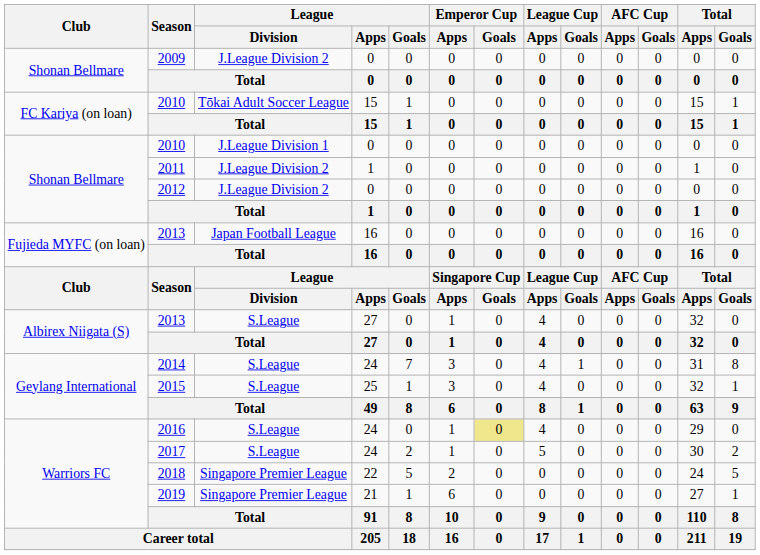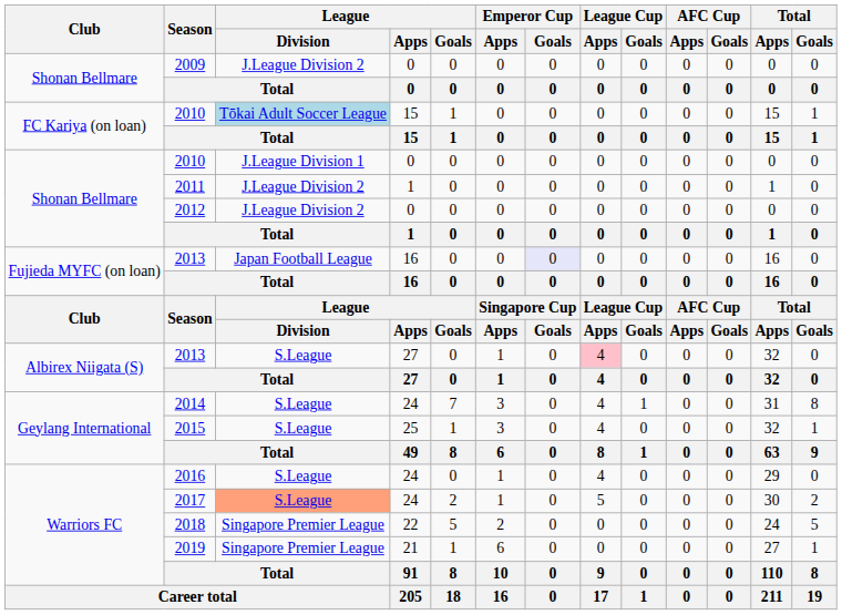 <table class="wikitable" style="text-align: center">
 <tr>
 <th rowspan="2">Club</th>
 <th rowspan="2">Season</th>
 <th colspan="3">League</th>
 <th colspan="2">Emperor Cup</th>
 <th colspan="2">League Cup</th>
 <th colspan="2">AFC Cup</th>
 <th colspan="2">Total</th>
 </tr>
 <tr>
 <th>Division</th>
 <th>Apps</th>
 <th>Goals</th>
 <th>Apps</th>
 <th>Goals</th>
 <th>Apps</th>
 <th>Goals</th>
 <th>Apps</th>
 <th>Goals</th>
 <th>Apps</th>
 <th>Goals</th>
 </tr>
 <tr>
 <td rowspan="2"><a href='#'>Shonan Bellmare</a></td>
 <td><a href='#'>2009</a></td>
 <td><a href='#'>J.League Division 2</a></td>
 <td>0</td>
 <td>0</td>
 <td>0</td>
 <td>0</td>
 <td>0</td>
 <td>0</td>
 <td>0</td>
 <td>0</td>
 <td>0</td>
 <td>0</td>
 </tr>
 <tr>
 <th colspan=2>Total</th>
 <th>0</th>
 <th>0</th>
 <th>0</th>
 <th>0</th>
 <th>0</th>
 <th>0</th>
 <th>0</th>
 <th>0</th>
 <th>0</th>
 <th>0</th>
 </tr>
 <tr>
 <td rowspan="2"><a href='#'>FC Kariya</a> (on loan)</td>
 <td><a href='#'>2010</a></td>
-<td><a href='#'>Tōkai Adult Soccer League</a></td>
+<td style="background: lightblue;"><a href='#'>Tōkai Adult Soccer League</a></td>
 <td>15</td>
 <td>1</td>
 <td>0</td>
 <td>0</td>
 <td>0</td>
 <td>0</td>
 <td>0</td>
 <td>0</td>
 <td>15</td>
 <td>1</td>
 </tr>
 <tr>
 <th colspan=2>Total</th>
 <th>15</th>
 <th>1</th>
 <th>0</th>
 <th>0</th>
 <th>0</th>
 <th>0</th>
 <th>0</th>
 <th>0</th>
 <th>15</th>
 <th>1</th>
 </tr>
 <tr>
 <td rowspan="4"><a href='#'>Shonan Bellmare</a></td>
 <td><a href='#'>2010</a></td>
 <td><a href='#'>J.League Division 1</a></td>
 <td>0</td>
 <td>0</td>
 <td>0</td>
 <td>0</td>
 <td>0</td>
 <td>0</td>
 <td>0</td>
 <td>0</td>
 <td>0</td>
 <td>0</td>
 </tr>
 <tr>
 <td><a href='#'>2011</a></td>
 <td><a href='#'>J.League Division 2</a></td>
 <td>1</td>
 <td>0</td>
 <td>0</td>
 <td>0</td>
 <td>0</td>
 <td>0</td>
 <td>0</td>
 <td>0</td>
 <td>1</td>
 <td>0</td>
 </tr>
 <tr>
 <td><a href='#'>2012</a></td>
 <td><a href='#'>J.League Division 2</a></td>
 <td>0</td>
 <td>0</td>
 <td>0</td>
 <td>0</td>
 <td>0</td>
 <td>0</td>
 <td>0</td>
 <td>0</td>
 <td>0</td>
 <td>0</td>
 </tr>
 <tr>
 <th colspan=2>Total</th>
 <th>1</th>
 <th>0</th>
 <th>0</th>
 <th>0</th>
 <th>0</th>
 <th>0</th>
 <th>0</th>
 <th>0</th>
 <th>1</th>
 <th>0</th>
 </tr>
 <tr>
 <td rowspan="2"><a href='#'>Fujieda MYFC</a> (on loan)</td>
 <td><a href='#'>2013</a></td>
 <td><a href='#'>Japan Football League</a></td>
 <td>16</td>
 <td>0</td>
 <td>0</td>
-<td>0</td>
+<td style="background: lavender;">0</td>
 <td>0</td>
 <td>0</td>
 <td>0</td>
 <td>0</td>
 <td>16</td>
 <td>0</td>
 </tr>
 <tr>
 <th colspan=2>Total</th>
 <th>16</th>
 <th>0</th>
 <th>0</th>
 <th>0</th>
 <th>0</th>
 <th>0</th>
 <th>0</th>
 <th>0</th>
 <th>16</th>
 <th>0</th>
 </tr>
 <tr>
 <th rowspan="2">Club</th>
 <th rowspan="2">Season</th>
 <th colspan="3">League</th>
 <th colspan="2">Singapore Cup</th>
 <th colspan="2">League Cup</th>
 <th colspan="2">AFC Cup</th>
 <th colspan="2">Total</th>
 </tr>
 <tr>
 <th>Division</th>
 <th>Apps</th>
 <th>Goals</th>
 <th>Apps</th>
 <th>Goals</th>
 <th>Apps</th>
 <th>Goals</th>
 <th>Apps</th>
 <th>Goals</th>
 <th>Apps</th>
 <th>Goals</th>
 </tr>
 <tr>
 <td rowspan="2"><a href='#'>Albirex Niigata (S)</a></td>
 <td><a href='#'>2013</a></td>
 <td><a href='#'>S.League</a></td>
 <td>27</td>
 <td>0</td>
 <td>1</td>
 <td>0</td>
-<td>4</td>
+<td style="background: pink;">4</td>
 <td>0</td>
 <td>0</td>
 <td>0</td>
 <td>32</td>
 <td>0</td>
 </tr>
 <tr>
 <th colspan=2>Total</th>
 <th>27</th>
 <th>0</th>
 <th>1</th>
 <th>0</th>
 <th>4</th>
 <th>0</th>
 <th>0</th>
 <th>0</th>
 <th>32</th>
 <th>0</th>
 </tr>
 <tr>
 <td rowspan="3"><a href='#'>Geylang International</a></td>
 <td><a href='#'>2014</a></td>
 <td><a href='#'>S.League</a></td>
 <td>24</td>
 <td>7</td>
 <td>3</td>
 <td>0</td>
 <td>4</td>
 <td>1</td>
 <td>0</td>
 <td>0</td>
 <td>31</td>
 <td>8</td>
 </tr>
 <tr>
 <td><a href='#'>2015</a></td>
 <td><a href='#'>S.League</a></td>
 <td>25</td>
 <td>1</td>
 <td>3</td>
 <td>0</td>
 <td>4</td>
 <td>0</td>
 <td>0</td>
 <td>0</td>
 <td>32</td>
 <td>1</td>
 </tr>
 <tr>
 <th colspan=2>Total</th>
 <th>49</th>
 <th>8</th>
 <th>6</th>
 <th>0</th>
 <th>8</th>
 <th>1</th>
 <th>0</th>
 <th>0</th>
 <th>63</th>
 <th>9</th>
 </tr>
 <tr>
 <td rowspan="5"><a href='#'>Warriors FC</a></td>
 <td><a href='#'>2016</a></td>
 <td><a href='#'>S.League</a></td>
 <td>24</td>
 <td>0</td>
 <td>1</td>
-<td style="background: khaki;">0</td>
+<td>0</td>
 <td>4</td>
 <td>0</td>
 <td>0</td>
 <td>0</td>
 <td>29</td>
 <td>0</td>
 </tr>
 <tr>
 <td><a href='#'>2017</a></td>
-<td><a href='#'>S.League</a></td>
+<td style="background: lightsalmon;"><a href='#'>S.League</a></td>
 <td>24</td>
 <td>2</td>
 <td>1</td>
 <td>0</td>
 <td>5</td>
 <td>0</td>
 <td>0</td>
 <td>0</td>
 <td>30</td>
 <td>2</td>
 </tr>
 <tr>
 <td><a href='#'>2018</a></td>
 <td><a href='#'>Singapore Premier League</a></td>
 <td>22</td>
 <td>5</td>
 <td>2</td>
 <td>0</td>
 <td>0</td>
 <td>0</td>
 <td>0</td>
 <td>0</td>
 <td>24</td>
 <td>5</td>
 </tr>
 <tr>
 <td><a href='#'>2019</a></td>
 <td><a href='#'>Singapore Premier League</a></td>
 <td>21</td>
 <td>1</td>
 <td>6</td>
 <td>0</td>
 <td>0</td>
 <td>0</td>
 <td>0</td>
 <td>0</td>
 <td>27</td>
 <td>1</td>
 </tr>
 <tr>
 <th colspan=2>Total</th>
 <th>91</th>
 <th>8</th>
 <th>10</th>
 <th>0</th>
 <th>9</th>
 <th>0</th>
 <th>0</th>
 <th>0</th>
 <th>110</th>
 <th>8</th>
 </tr>
 <tr>
 <th colspan=3>Career total</th>
 <th>205</th>
 <th>18</th>
 <th>16</th>
 <th>0</th>
 <th>17</th>
 <th>1</th>
 <th>0</th>
 <th>0</th>
 <th>211</th>
 <th>19</th>
 </tr>
 </table>
